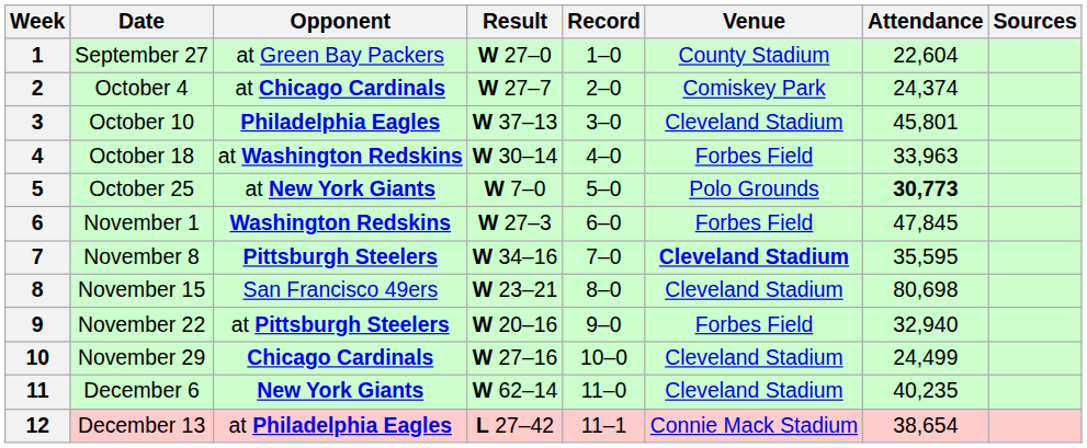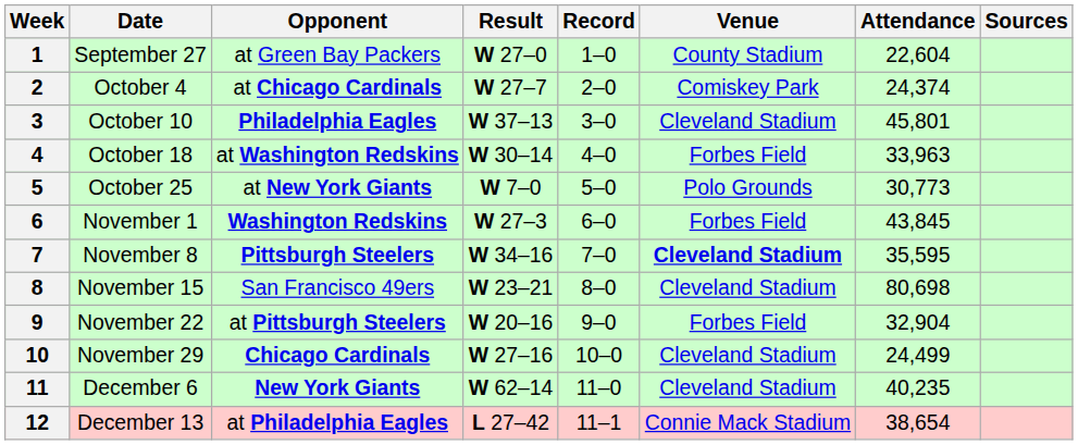 <table class="wikitable" style="text-align:center">
 <tr>
 <th>Week</th>
 <th>Date</th>
 <th>Opponent</th>
 <th>Result</th>
 <th>Record</th>
 <th>Venue</th>
 <th>Attendance</th>
 <th>Sources</th>
 </tr>
 <tr style="background:#cfc">
 <th>1</th>
 <td>September 27</td>
 <td>at <a href='#'>Green Bay Packers</a></td>
 <td><strong>W</strong> 27–0</td>
 <td>1–0</td>
 <td><a href='#'>County Stadium</a></td>
 <td>22,604</td>
 <td></td>
 </tr>
 <tr style="background:#cfc">
 <th>2</th>
 <td>October 4</td>
 <td>at <strong><a href='#'>Chicago Cardinals</a></strong></td>
 <td><strong>W</strong> 27–7</td>
 <td>2–0</td>
 <td><a href='#'>Comiskey Park</a></td>
 <td>24,374</td>
 <td></td>
 </tr>
 <tr style="background:#cfc">
 <th>3</th>
 <td>October 10</td>
 <td><strong><a href='#'>Philadelphia Eagles</a></strong></td>
 <td><strong>W</strong> 37–13</td>
 <td>3–0</td>
 <td><a href='#'>Cleveland Stadium</a></td>
 <td>45,801</td>
 <td></td>
 </tr>
 <tr style="background:#cfc">
 <th>4</th>
 <td>October 18</td>
 <td>at <strong><a href='#'>Washington Redskins</a></strong></td>
 <td><strong>W</strong> 30–14</td>
 <td>4–0</td>
 <td><a href='#'>Forbes Field</a></td>
 <td>33,963</td>
 <td></td>
 </tr>
 <tr style="background:#cfc">
 <th>5</th>
 <td>October 25</td>
 <td>at <strong><a href='#'>New York Giants</a></strong></td>
 <td><strong>W</strong> 7–0</td>
 <td>5–0</td>
 <td><a href='#'>Polo Grounds</a></td>
-<td><strong>30,773</strong></td>
+<td>30,773</td>
 <td></td>
 </tr>
 <tr style="background:#cfc">
 <th>6</th>
 <td>November 1</td>
 <td><strong><a href='#'>Washington Redskins</a></strong></td>
 <td><strong>W</strong> 27–3</td>
 <td>6–0</td>
 <td><a href='#'>Forbes Field</a></td>
-<td>47,845</td>
+<td>43,845</td>
 <td></td>
 </tr>
 <tr style="background:#cfc">
 <th>7</th>
 <td>November 8</td>
 <td><strong><a href='#'>Pittsburgh Steelers</a></strong></td>
 <td><strong>W</strong> 34–16</td>
 <td>7–0</td>
 <td><strong><a href='#'>Cleveland Stadium</a></strong></td>
 <td>35,595</td>
 <td></td>
 </tr>
 <tr style="background:#cfc">
 <th>8</th>
 <td>November 15</td>
 <td><a href='#'>San Francisco 49ers</a></td>
 <td><strong>W</strong> 23–21</td>
 <td>8–0</td>
 <td><a href='#'>Cleveland Stadium</a></td>
 <td>80,698</td>
 <td></td>
 </tr>
 <tr style="background:#cfc">
 <th>9</th>
 <td>November 22</td>
 <td>at <strong><a href='#'>Pittsburgh Steelers</a></strong></td>
 <td><strong>W</strong> 20–16</td>
 <td>9–0</td>
 <td><a href='#'>Forbes Field</a></td>
-<td>32,940</td>
+<td>32,904</td>
 <td></td>
 </tr>
 <tr style="background:#cfc">
 <th>10</th>
 <td>November 29</td>
 <td><strong><a href='#'>Chicago Cardinals</a></strong></td>
 <td><strong>W</strong> 27–16</td>
 <td>10–0</td>
 <td><a href='#'>Cleveland Stadium</a></td>
 <td>24,499</td>
 <td></td>
 </tr>
 <tr style="background:#cfc">
 <th>11</th>
 <td>December 6</td>
 <td><strong><a href='#'>New York Giants</a></strong></td>
 <td><strong>W</strong> 62–14</td>
 <td>11–0</td>
 <td><a href='#'>Cleveland Stadium</a></td>
 <td>40,235</td>
 <td></td>
 </tr>
 <tr style="background:#fcc">
 <th>12</th>
 <td>December 13</td>
 <td>at <strong><a href='#'>Philadelphia Eagles</a></strong></td>
 <td><strong>L</strong> 27–42</td>
 <td>11–1</td>
 <td><a href='#'>Connie Mack Stadium</a></td>
 <td>38,654</td>
 <td></td>
 </tr>
 </table>
